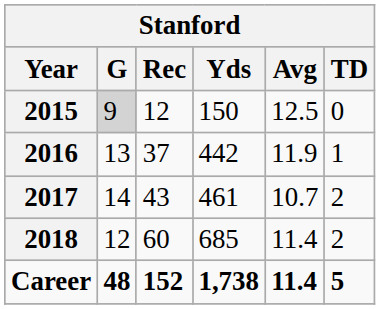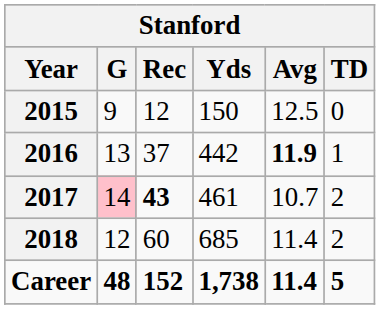 <table class="wikitable sortable">
 <tr>
 <th colspan="6">Stanford</th>
 </tr>
 <tr>
 <th>Year</th>
 <th>G</th>
 <th>Rec</th>
 <th>Yds</th>
 <th>Avg</th>
 <th>TD</th>
 </tr>
 <tr>
 <th>2015</th>
-<td style="background: lightgrey;">9</td>
+<td>9</td>
 <td>12</td>
 <td>150</td>
 <td>12.5</td>
 <td>0</td>
 </tr>
 <tr>
 <th>2016</th>
 <td>13</td>
 <td>37</td>
 <td>442</td>
-<td>11.9</td>
+<td><strong>11.9</strong></td>
 <td>1</td>
 </tr>
 <tr>
 <th>2017</th>
-<td>14</td>
-<td>43</td>
+<td style="background: pink;">14</td>
+<td><strong>43</strong></td>
 <td>461</td>
 <td>10.7</td>
 <td>2</td>
 </tr>
 <tr>
 <th>2018</th>
 <td>12</td>
 <td>60</td>
 <td>685</td>
 <td>11.4</td>
 <td>2</td>
 </tr>
 <tr>
 <td><strong>Career</strong></td>
 <td><strong>48</strong></td>
 <td><strong>152</strong></td>
 <td><strong>1,738</strong></td>
 <td><strong>11.4</strong></td>
 <td><strong>5</strong></td>
 </tr>
 </table>
